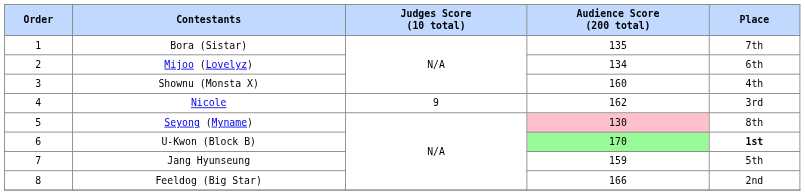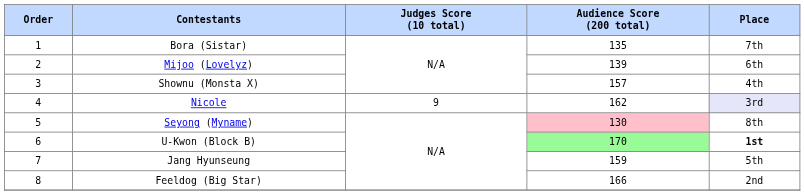 <table border="1" cellpadding="4" cellspacing="0" style="text-align:center; font-size:90%; border-collapse:collapse;" width=75%>
 <tr style="background:#C1D8FF;">
 <th width=3%>Order</th>
 <th width=15%>Contestants</th>
 <th width=10%>Judges Score<br>(10 total)</th>
 <th width=10%>Audience Score<br>(200 total)</th>
 <th width=5%; align=center>Place</th>
 </tr>
 <tr>
 <td>1</td>
 <td>Bora (Sistar)</td>
 <td rowspan=3>N/A</td>
 <td>135</td>
 <td>7th</td>
 </tr>
 <tr>
 <td>2</td>
 <td><a href='#'>Mijoo</a> (<a href='#'>Lovelyz</a>)</td>
-<td>134</td>
+<td>139</td>
 <td>6th</td>
 </tr>
 <tr>
 <td>3</td>
 <td>Shownu (Monsta X)</td>
-<td>160</td>
+<td>157</td>
 <td>4th</td>
 </tr>
 <tr>
 <td>4</td>
 <td><a href='#'>Nicole</a></td>
 <td>9</td>
 <td>162</td>
-<td>3rd</td>
+<td style="background: lavender;">3rd</td>
 </tr>
 <tr>
 <td>5</td>
 <td><a href='#'>Seyong</a> (<a href='#'>Myname</a>)</td>
 <td rowspan=4>N/A</td>
 <td style="background:pink">130</td>
 <td>8th</td>
 </tr>
 <tr>
 <td>6</td>
 <td>U-Kwon (Block B)</td>
 <td style="background:palegreen">170</td>
 <td><strong>1st</strong></td>
 </tr>
 <tr>
 <td>7</td>
 <td>Jang Hyunseung</td>
 <td>159</td>
 <td>5th</td>
 </tr>
 <tr>
 <td>8</td>
 <td>Feeldog (Big Star)</td>
 <td>166</td>
 <td>2nd</td>
 </tr>
 <tr>
 </tr>
 </table>
